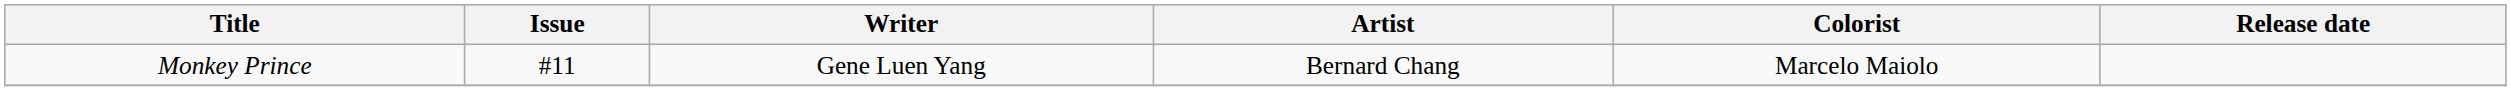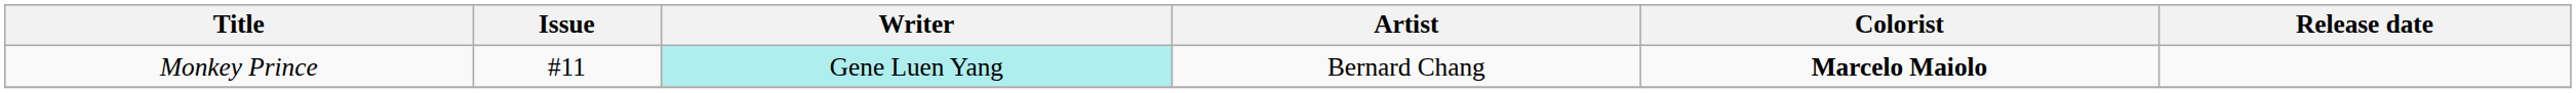 <table class="wikitable" style="text-align:center; width:100%">
 <tr>
 <th scope="col">Title</th>
 <th scope="col">Issue</th>
 <th scope="col">Writer</th>
 <th scope="col">Artist</th>
 <th scope="col">Colorist</th>
 <th scope="col">Release date</th>
 </tr>
 <tr>
 <td><em>Monkey Prince</em></td>
 <td>#11</td>
-<td>Gene Luen Yang</td>
+<td style="background: paleturquoise;">Gene Luen Yang</td>
 <td>Bernard Chang</td>
-<td>Marcelo Maiolo</td>
+<td><strong>Marcelo Maiolo</strong></td>
 <td></td>
 </tr>
 <tr>
 </tr>
 </table>
